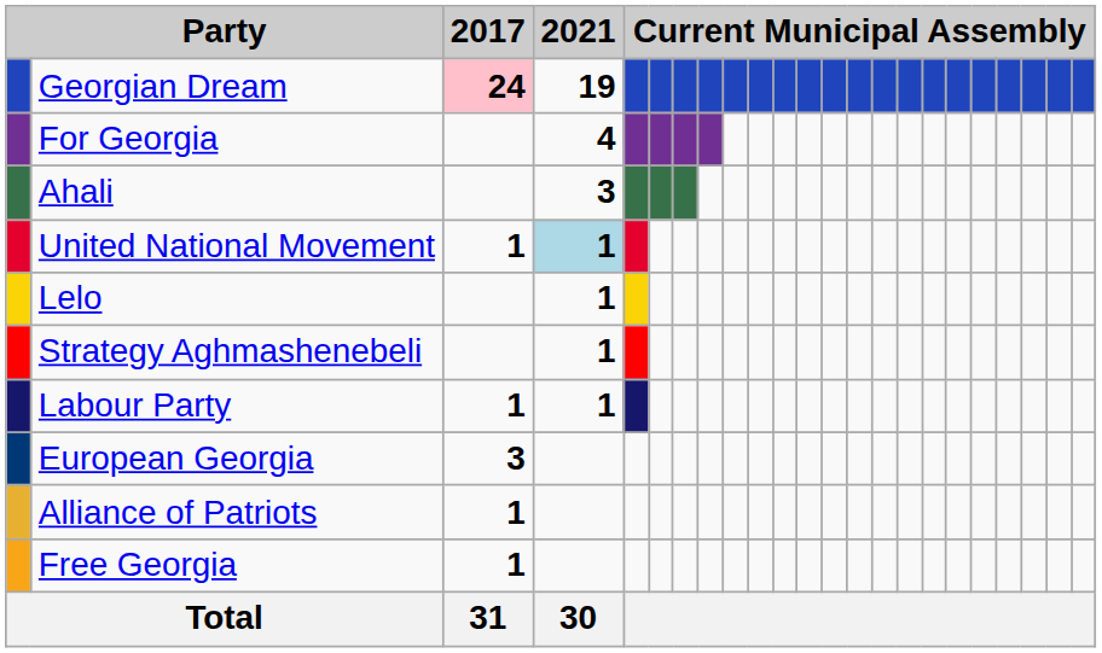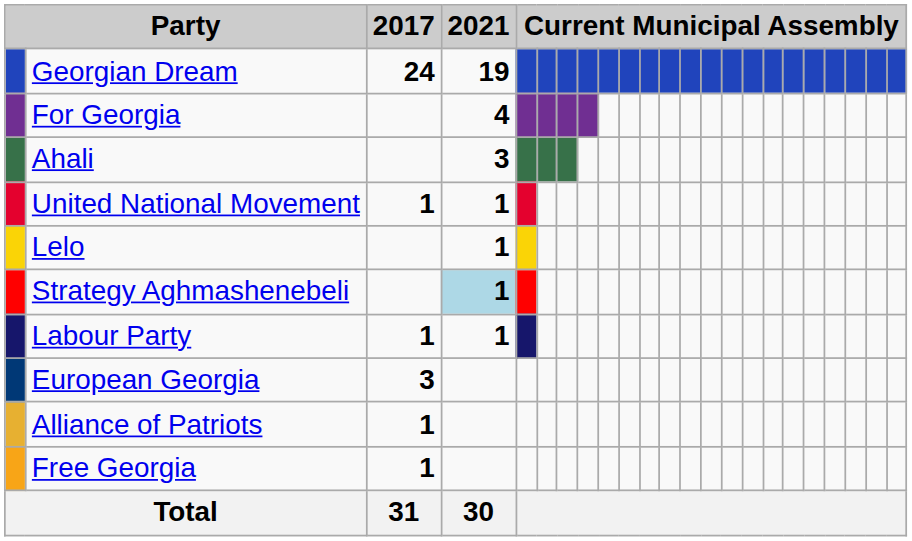 <table class="wikitable">
 <tr>
 <th style="background:#ccc" colspan="2">Party</th>
 <th style="background:#ccc">2017</th>
 <th style="background:#ccc">2021</th>
 <th style="background:#ccc" colspan="45">Current Municipal Assembly</th>
 </tr>
 <tr>
 <td style="background-color: #2044bc"> </td>
 <td><a href='#'>Georgian Dream</a></td>
-<td style="background: pink; text-align: right"><strong>24</strong></td>
+<td style="text-align: right"><strong>24</strong></td>
 <td style="text-align: right"><strong>19</strong></td>
 <td style="background-color: #2044bc"></td>
 <td style="background-color: #2044bc"> </td>
 <td style="background-color: #2044bc"> </td>
 <td style="background-color: #2044bc"> </td>
 <td style="background-color: #2044bc"> </td>
 <td style="background-color: #2044bc"> </td>
 <td style="background-color: #2044bc"> </td>
 <td style="background-color: #2044bc"> </td>
 <td style="background-color: #2044bc"> </td>
 <td style="background-color: #2044bc"> </td>
 <td style="background-color: #2044bc"> </td>
 <td style="background-color: #2044bc"> </td>
 <td style="background-color: #2044bc"> </td>
 <td style="background-color: #2044bc"> </td>
 <td style="background-color: #2044bc"> </td>
 <td style="background-color: #2044bc"> </td>
 <td style="background-color: #2044bc"> </td>
 <td style="background-color: #2044bc"> </td>
 <td style="background-color: #2044bc"> </td>
 </tr>
 <tr>
 <td style="background-color: #702F92"> </td>
 <td><a href='#'>For Georgia</a></td>
 <td></td>
 <td style="text-align: right"><strong>4</strong></td>
 <td style="background-color: #702f92"> </td>
 <td style="background-color: #702f92"> </td>
 <td style="background-color: #702f92"> </td>
 <td style="background-color: #702f92"> </td>
 <td></td>
 <td></td>
 <td></td>
 <td></td>
 <td></td>
 <td></td>
 <td></td>
 <td></td>
 <td></td>
 <td></td>
 <td></td>
 <td></td>
 <td></td>
 <td></td>
 <td></td>
 </tr>
 <tr>
 <td style="background-color: #377149"> </td>
 <td><a href='#'>Ahali</a></td>
 <td></td>
 <td style="text-align: right"><strong>3</strong></td>
 <td style="background-color: #377149"> </td>
 <td style="background-color: #377149"> </td>
 <td style="background-color: #377149"> </td>
 <td></td>
 <td></td>
 <td></td>
 <td></td>
 <td></td>
 <td></td>
 <td></td>
 <td></td>
 <td></td>
 <td></td>
 <td></td>
 <td></td>
 <td></td>
 <td></td>
 <td></td>
 <td></td>
 </tr>
 <tr>
 <td style="background-color: #e4012e"> </td>
 <td><a href='#'>United National Movement</a></td>
 <td style="text-align: right"><strong>1</strong></td>
-<td style="background: lightblue; text-align: right"><strong>1</strong></td>
+<td style="text-align: right"><strong>1</strong></td>
 <td style="background-color: #e4012e"> </td>
 <td></td>
 <td></td>
 <td></td>
 <td></td>
 <td></td>
 <td></td>
 <td></td>
 <td></td>
 <td></td>
 <td></td>
 <td></td>
 <td></td>
 <td></td>
 <td></td>
 <td></td>
 <td></td>
 <td></td>
 <td></td>
 </tr>
 <tr>
 <td style="background-color: #fad406"> </td>
 <td><a href='#'>Lelo</a></td>
 <td></td>
 <td style="text-align: right"><strong>1</strong></td>
 <td style="background-color: #fad406"> </td>
 <td></td>
 <td></td>
 <td></td>
 <td></td>
 <td></td>
 <td></td>
 <td></td>
 <td></td>
 <td></td>
 <td></td>
 <td></td>
 <td></td>
 <td></td>
 <td></td>
 <td></td>
 <td></td>
 <td></td>
 <td></td>
 </tr>
 <tr>
 <td style="background-color: #ff0000"> </td>
 <td><a href='#'>Strategy Aghmashenebeli</a></td>
 <td></td>
-<td style="text-align: right"><strong>1</strong></td>
+<td style="background: lightblue; text-align: right"><strong>1</strong></td>
 <td style="background-color: #ff0000"> </td>
 <td></td>
 <td></td>
 <td></td>
 <td></td>
 <td></td>
 <td></td>
 <td></td>
 <td></td>
 <td></td>
 <td></td>
 <td></td>
 <td></td>
 <td></td>
 <td></td>
 <td></td>
 <td></td>
 <td></td>
 <td></td>
 </tr>
 <tr>
 <td style="background-color: #16166b"> </td>
 <td><a href='#'>Labour Party</a></td>
 <td style="text-align: right"><strong>1</strong></td>
 <td style="text-align: right"><strong>1</strong></td>
 <td style="background-color: #16166b"> </td>
 <td></td>
 <td></td>
 <td></td>
 <td></td>
 <td></td>
 <td></td>
 <td></td>
 <td></td>
 <td></td>
 <td></td>
 <td></td>
 <td></td>
 <td></td>
 <td></td>
 <td></td>
 <td></td>
 <td></td>
 <td></td>
 </tr>
 <tr>
 <td style="background-color: #003876"> </td>
 <td><a href='#'>European Georgia</a></td>
 <td style="text-align: right"><strong>3</strong></td>
 <td></td>
 <td></td>
 <td></td>
 <td></td>
 <td></td>
 <td></td>
 <td></td>
 <td></td>
 <td></td>
 <td></td>
 <td></td>
 <td></td>
 <td></td>
 <td></td>
 <td></td>
 <td></td>
 <td></td>
 <td></td>
 <td></td>
 <td></td>
 </tr>
 <tr>
 <td style="background-color: #e7b031"> </td>
 <td><a href='#'>Alliance of Patriots</a></td>
 <td style="text-align: right"><strong>1</strong></td>
 <td></td>
 <td></td>
 <td></td>
 <td></td>
 <td></td>
 <td></td>
 <td></td>
 <td></td>
 <td></td>
 <td></td>
 <td></td>
 <td></td>
 <td></td>
 <td></td>
 <td></td>
 <td></td>
 <td></td>
 <td></td>
 <td></td>
 <td></td>
 </tr>
 <tr>
 <td style="background-color: #F8A517"> </td>
 <td><a href='#'>Free Georgia</a></td>
 <td style="text-align: right"><strong>1</strong></td>
 <td></td>
 <td></td>
 <td></td>
 <td></td>
 <td></td>
 <td></td>
 <td></td>
 <td></td>
 <td></td>
 <td></td>
 <td></td>
 <td></td>
 <td></td>
 <td></td>
 <td></td>
 <td></td>
 <td></td>
 <td></td>
 <td></td>
 <td></td>
 </tr>
 <tr>
 <th colspan=2>Total</th>
 <th align=right>31</th>
 <th align=right>30</th>
 <th colspan=45> </th>
 </tr>
 </table>
